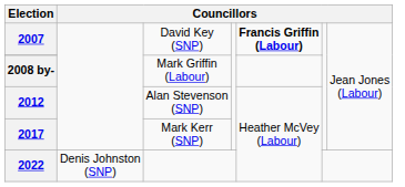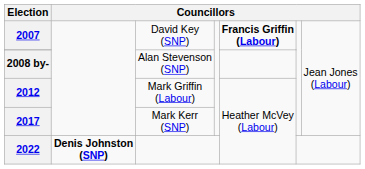 <table class="wikitable" style="text-align:center">
 <tr>
 <th>Election</th>
 <th colspan=8>Councillors</th>
 </tr>
 <tr>
 <th><a href='#'>2007</a></th>
 <td rowspan=5; style="background-color: "></td>
 <td rowspan=2>David Key<br>(<a href='#'>SNP</a>)</td>
 <td rowspan=5; style="background-color: "></td>
 <td rowspan=1><strong>Francis Griffin<br>(<a href='#'>Labour</a>)</strong></td>
 <td rowspan=5; style="background-color: "></td>
 <td rowspan=5>Jean Jones<br>(<a href='#'>Labour</a>)</td>
 </tr>
 <tr>
 </tr>
 <tr>
 <th>2008 by-</th>
-<td rowspan=1>Mark Griffin<br>(<a href='#'>Labour</a>)</td>
+<td rowspan=1>Alan Stevenson<br>(<a href='#'>SNP</a>)</td>
 </tr>
 <tr>
 <th><a href='#'>2012</a></th>
-<td rowspan=1>Alan Stevenson<br>(<a href='#'>SNP</a>)</td>
+<td rowspan=1>Mark Griffin<br>(<a href='#'>Labour</a>)</td>
 <td rowspan=3>Heather McVey<br>(<a href='#'>Labour</a>)</td>
 </tr>
 <tr>
 <th><a href='#'>2017</a></th>
 <td rowspan=1>Mark Kerr<br>(<a href='#'>SNP</a>)</td>
 </tr>
 <tr>
 <th><a href='#'>2022</a></th>
-<td rowspan=1>Denis Johnston<br>(<a href='#'>SNP</a>)</td>
+<td rowspan=1><strong>Denis Johnston<br>(<a href='#'>SNP</a>)</strong></td>
 </tr>
 </table>
